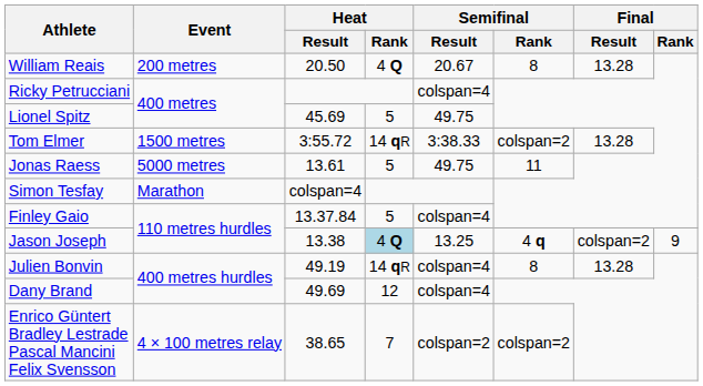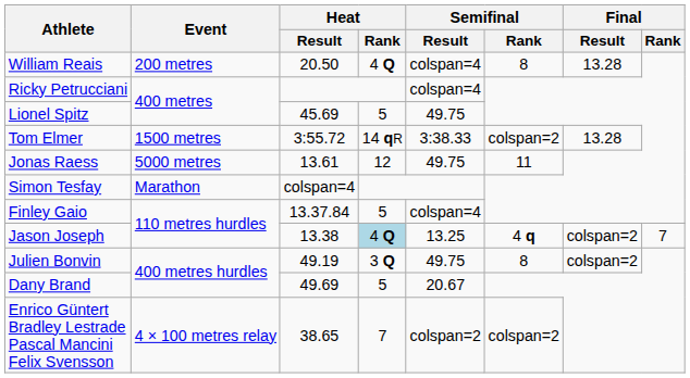 <table class="wikitable" style="font-size:90%">
 <tr>
 <th rowspan="2">Athlete</th>
 <th rowspan="2">Event</th>
 <th colspan="2">Heat</th>
 <th colspan="2">Semifinal</th>
 <th colspan="2">Final</th>
 </tr>
 <tr style="font-size:95%">
 <th>Result</th>
 <th>Rank</th>
 <th>Result</th>
 <th>Rank</th>
 <th>Result</th>
 <th>Rank</th>
 </tr>
 <tr align=center>
 <td align=left><a href='#'>William Reais</a></td>
 <td align=left><a href='#'>200 metres</a></td>
 <td>20.50</td>
 <td>4 <strong>Q</strong></td>
-<td>20.67</td>
+<td>colspan=4 </td>
 <td>8</td>
 <td>13.28</td>
 </tr>
 <tr align=center>
 <td align=left><a href='#'>Ricky Petrucciani</a></td>
 <td align=left rowspan=2><a href='#'>400 metres</a></td>
 <td colspan=2></td>
 <td>colspan=4 </td>
 </tr>
 <tr align=center>
 <td align=left><a href='#'>Lionel Spitz</a></td>
 <td>45.69</td>
 <td>5</td>
 <td>49.75</td>
 </tr>
 <tr align=center>
 <td align=left><a href='#'>Tom Elmer</a></td>
 <td align=left><a href='#'>1500 metres</a></td>
 <td>3:55.72</td>
 <td>14 <strong>q</strong><small>R</small></td>
 <td>3:38.33</td>
 <td>colspan=2 </td>
 <td>13.28</td>
 </tr>
 <tr align=center>
 <td align=left><a href='#'>Jonas Raess</a></td>
 <td align=left><a href='#'>5000 metres</a></td>
 <td>13.61</td>
-<td>5</td>
+<td>12</td>
 <td>49.75</td>
 <td>11</td>
 </tr>
 <tr align=center>
 <td align=left><a href='#'>Simon Tesfay</a></td>
 <td align=left><a href='#'>Marathon</a></td>
 <td>colspan=4 </td>
 <td colspan=2></td>
 </tr>
 <tr align=center>
 <td align=left><a href='#'>Finley Gaio</a></td>
 <td align=left rowspan=2><a href='#'>110 metres hurdles</a></td>
 <td>13.37.84</td>
 <td>5</td>
 <td>colspan=4 </td>
 </tr>
 <tr align=center>
 <td align=left><a href='#'>Jason Joseph</a></td>
 <td>13.38</td>
 <td style="background: lightblue;">4 <strong>Q</strong></td>
 <td>13.25</td>
 <td>4 <strong>q</strong></td>
 <td>colspan=2 </td>
-<td>9</td>
+<td>7</td>
 </tr>
 <tr align=center>
 <td align=left><a href='#'>Julien Bonvin</a></td>
 <td align=left rowspan=2><a href='#'>400 metres hurdles</a></td>
 <td>49.19 </td>
-<td>14 <strong>q</strong><small>R</small></td>
-<td>colspan=4 </td>
+<td>3 <strong>Q</strong></td>
+<td>49.75</td>
 <td>8</td>
-<td>13.28</td>
+<td>colspan=2 </td>
 </tr>
 <tr align=center>
 <td align=left><a href='#'>Dany Brand</a></td>
 <td>49.69</td>
-<td>12</td>
-<td>colspan=4 </td>
+<td>5</td>
+<td>20.67</td>
 </tr>
 <tr align=center>
 <td align=left><a href='#'>Enrico Güntert</a><br><a href='#'>Bradley Lestrade</a><br><a href='#'>Pascal Mancini</a><br><a href='#'>Felix Svensson</a></td>
 <td align=left><a href='#'>4 × 100 metres relay</a></td>
 <td>38.65</td>
 <td>7</td>
 <td>colspan=2 </td>
 <td>colspan=2 </td>
 </tr>
 </table>
